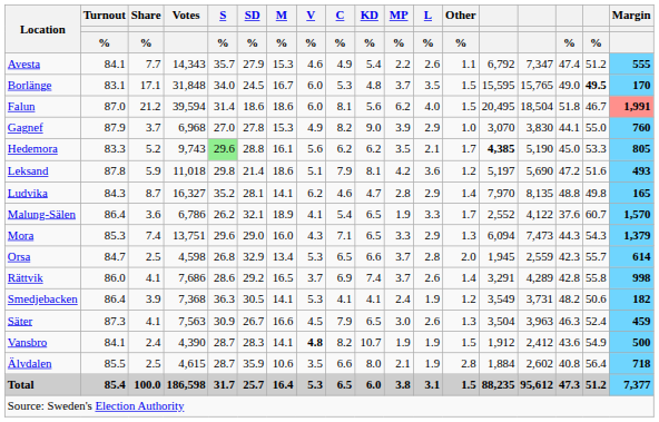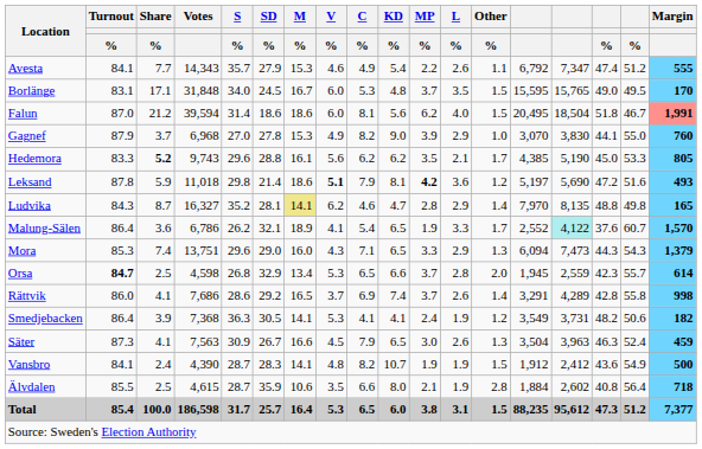 <table class="wikitable sortable" style="text-align:right; font-size:95%; line-height:20px;">
 <tr>
 <th rowspan="3">Location</th>
 <th>Turnout</th>
 <th>Share</th>
 <th>Votes</th>
 <th width="30px" class="unsortable"><a href='#'>S</a></th>
 <th width="30px" class="unsortable"><a href='#'>SD</a></th>
 <th width="30px" class="unsortable"><a href='#'>M</a></th>
 <th width="30px" class="unsortable"><a href='#'>V</a></th>
 <th width="30px" class="unsortable"><a href='#'>C</a></th>
 <th width="30px" class="unsortable"><a href='#'>KD</a></th>
 <th width="30px" class="unsortable"><a href='#'>MP</a></th>
 <th width="30px" class="unsortable"><a href='#'>L</a></th>
 <th width="30px" class="unsortable">Other</th>
 <th></th>
 <th></th>
 <th></th>
 <th></th>
 <th>Margin</th>
 </tr>
 <tr>
 <th></th>
 <th></th>
 <th></th>
 <th style="background:"></th>
 <th style="background:"></th>
 <th style="background:"></th>
 <th style="background:"></th>
 <th style="background:"></th>
 <th style="background:"></th>
 <th style="background:"></th>
 <th style="background:"></th>
 <th style="background:"></th>
 <th style="background:"></th>
 <th style="background:"></th>
 <th style="background:"></th>
 <th style="background:"></th>
 <th></th>
 </tr>
 <tr>
 <th data-sort-type="number">%</th>
 <th data-sort-type="number">%</th>
 <th></th>
 <th data-sort-type="number">%</th>
 <th data-sort-type="number">%</th>
 <th data-sort-type="number">%</th>
 <th data-sort-type="number">%</th>
 <th data-sort-type="number">%</th>
 <th data-sort-type="number">%</th>
 <th data-sort-type="number">%</th>
 <th data-sort-type="number">%</th>
 <th data-sort-type="number">%</th>
 <th data-sort-type="number"></th>
 <th data-sort-type="number"></th>
 <th data-sort-type="number">%</th>
 <th data-sort-type="number">%</th>
 <th data-sort-type="number"></th>
 </tr>
 <tr>
 <td align="left"><a href='#'>Avesta</a></td>
 <td>84.1</td>
 <td>7.7</td>
 <td>14,343</td>
 <td>35.7</td>
 <td>27.9</td>
 <td>15.3</td>
 <td>4.6</td>
 <td>4.9</td>
 <td>5.4</td>
 <td>2.2</td>
 <td>2.6</td>
 <td>1.1</td>
 <td>6,792</td>
 <td>7,347</td>
 <td>47.4</td>
 <td>51.2</td>
 <td bgcolor=#6fd5fe><strong>555</strong></td>
 </tr>
 <tr>
 <td align="left"><a href='#'>Borlänge</a></td>
 <td>83.1</td>
 <td>17.1</td>
 <td>31,848</td>
 <td>34.0</td>
 <td>24.5</td>
 <td>16.7</td>
 <td>6.0</td>
 <td>5.3</td>
 <td>4.8</td>
 <td>3.7</td>
 <td>3.5</td>
 <td>1.5</td>
 <td>15,595</td>
 <td>15,765</td>
 <td>49.0</td>
-<td><strong>49.5</strong></td>
+<td>49.5</td>
 <td bgcolor=#6fd5fe><strong>170</strong></td>
 </tr>
 <tr>
 <td align="left"><a href='#'>Falun</a></td>
 <td>87.0</td>
 <td>21.2</td>
 <td>39,594</td>
 <td>31.4</td>
 <td>18.6</td>
 <td>18.6</td>
 <td>6.0</td>
 <td>8.1</td>
 <td>5.6</td>
 <td>6.2</td>
 <td>4.0</td>
 <td>1.5</td>
 <td>20,495</td>
 <td>18,504</td>
 <td>51.8</td>
 <td>46.7</td>
 <td bgcolor=#ff908c><strong>1,991</strong></td>
 </tr>
 <tr>
 <td align="left"><a href='#'>Gagnef</a></td>
 <td>87.9</td>
 <td>3.7</td>
 <td>6,968</td>
 <td>27.0</td>
 <td>27.8</td>
 <td>15.3</td>
 <td>4.9</td>
 <td>8.2</td>
 <td>9.0</td>
 <td>3.9</td>
 <td>2.9</td>
 <td>1.0</td>
 <td>3,070</td>
 <td>3,830</td>
 <td>44.1</td>
 <td>55.0</td>
 <td bgcolor=#6fd5fe><strong>760</strong></td>
 </tr>
 <tr>
 <td align="left"><a href='#'>Hedemora</a></td>
 <td>83.3</td>
-<td>5.2</td>
+<td><strong>5.2</strong></td>
 <td>9,743</td>
-<td style="background: lightgreen;">29.6</td>
+<td>29.6</td>
 <td>28.8</td>
 <td>16.1</td>
 <td>5.6</td>
 <td>6.2</td>
 <td>6.2</td>
 <td>3.5</td>
 <td>2.1</td>
 <td>1.7</td>
-<td><strong>4,385</strong></td>
+<td>4,385</td>
 <td>5,190</td>
 <td>45.0</td>
 <td>53.3</td>
 <td bgcolor=#6fd5fe><strong>805</strong></td>
 </tr>
 <tr>
 <td align="left"><a href='#'>Leksand</a></td>
 <td>87.8</td>
 <td>5.9</td>
 <td>11,018</td>
 <td>29.8</td>
 <td>21.4</td>
 <td>18.6</td>
-<td>5.1</td>
+<td><strong>5.1</strong></td>
 <td>7.9</td>
 <td>8.1</td>
-<td>4.2</td>
+<td><strong>4.2</strong></td>
 <td>3.6</td>
 <td>1.2</td>
 <td>5,197</td>
 <td>5,690</td>
 <td>47.2</td>
 <td>51.6</td>
 <td bgcolor=#6fd5fe><strong>493</strong></td>
 </tr>
 <tr>
 <td align="left"><a href='#'>Ludvika</a></td>
 <td>84.3</td>
 <td>8.7</td>
 <td>16,327</td>
 <td>35.2</td>
 <td>28.1</td>
-<td>14.1</td>
+<td style="background: khaki;">14.1</td>
 <td>6.2</td>
 <td>4.6</td>
 <td>4.7</td>
 <td>2.8</td>
 <td>2.9</td>
 <td>1.4</td>
 <td>7,970</td>
 <td>8,135</td>
 <td>48.8</td>
 <td>49.8</td>
 <td bgcolor=#6fd5fe><strong>165</strong></td>
 </tr>
 <tr>
 <td align="left"><a href='#'>Malung-Sälen</a></td>
 <td>86.4</td>
 <td>3.6</td>
 <td>6,786</td>
 <td>26.2</td>
 <td>32.1</td>
 <td>18.9</td>
 <td>4.1</td>
 <td>5.4</td>
 <td>6.5</td>
 <td>1.9</td>
 <td>3.3</td>
 <td>1.7</td>
 <td>2,552</td>
-<td>4,122</td>
+<td style="background: paleturquoise;">4,122</td>
 <td>37.6</td>
 <td>60.7</td>
 <td bgcolor=#6fd5fe><strong>1,570</strong></td>
 </tr>
 <tr>
 <td align="left"><a href='#'>Mora</a></td>
 <td>85.3</td>
 <td>7.4</td>
 <td>13,751</td>
 <td>29.6</td>
 <td>29.0</td>
 <td>16.0</td>
 <td>4.3</td>
 <td>7.1</td>
 <td>6.5</td>
 <td>3.3</td>
 <td>2.9</td>
 <td>1.3</td>
 <td>6,094</td>
 <td>7,473</td>
 <td>44.3</td>
 <td>54.3</td>
 <td bgcolor=#6fd5fe><strong>1,379</strong></td>
 </tr>
 <tr>
 <td align="left"><a href='#'>Orsa</a></td>
-<td>84.7</td>
+<td><strong>84.7</strong></td>
 <td>2.5</td>
 <td>4,598</td>
 <td>26.8</td>
 <td>32.9</td>
 <td>13.4</td>
 <td>5.3</td>
 <td>6.5</td>
 <td>6.6</td>
 <td>3.7</td>
 <td>2.8</td>
 <td>2.0</td>
 <td>1,945</td>
 <td>2,559</td>
 <td>42.3</td>
 <td>55.7</td>
 <td bgcolor=#6fd5fe><strong>614</strong></td>
 </tr>
 <tr>
 <td align="left"><a href='#'>Rättvik</a></td>
 <td>86.0</td>
 <td>4.1</td>
 <td>7,686</td>
 <td>28.6</td>
 <td>29.2</td>
 <td>16.5</td>
 <td>3.7</td>
 <td>6.9</td>
 <td>7.4</td>
 <td>3.7</td>
 <td>2.6</td>
 <td>1.4</td>
 <td>3,291</td>
 <td>4,289</td>
 <td>42.8</td>
 <td>55.8</td>
 <td bgcolor=#6fd5fe><strong>998</strong></td>
 </tr>
 <tr>
 <td align="left"><a href='#'>Smedjebacken</a></td>
 <td>86.4</td>
 <td>3.9</td>
 <td>7,368</td>
 <td>36.3</td>
 <td>30.5</td>
 <td>14.1</td>
 <td>5.3</td>
 <td>4.1</td>
 <td>4.1</td>
 <td>2.4</td>
 <td>1.9</td>
 <td>1.2</td>
 <td>3,549</td>
 <td>3,731</td>
 <td>48.2</td>
 <td>50.6</td>
 <td bgcolor=#6fd5fe><strong>182</strong></td>
 </tr>
 <tr>
 <td align="left"><a href='#'>Säter</a></td>
 <td>87.3</td>
 <td>4.1</td>
 <td>7,563</td>
 <td>30.9</td>
 <td>26.7</td>
 <td>16.6</td>
 <td>4.5</td>
 <td>7.9</td>
 <td>6.5</td>
 <td>3.0</td>
 <td>2.6</td>
 <td>1.3</td>
 <td>3,504</td>
 <td>3,963</td>
 <td>46.3</td>
 <td>52.4</td>
 <td bgcolor=#6fd5fe><strong>459</strong></td>
 </tr>
 <tr>
 <td align="left"><a href='#'>Vansbro</a></td>
 <td>84.1</td>
 <td>2.4</td>
 <td>4,390</td>
 <td>28.7</td>
 <td>28.3</td>
 <td>14.1</td>
-<td><strong>4.8</strong></td>
+<td>4.8</td>
 <td>8.2</td>
 <td>10.7</td>
 <td>1.9</td>
 <td>1.9</td>
 <td>1.5</td>
 <td>1,912</td>
 <td>2,412</td>
 <td>43.6</td>
 <td>54.9</td>
 <td bgcolor=#6fd5fe><strong>500</strong></td>
 </tr>
 <tr>
 <td align="left"><a href='#'>Älvdalen</a></td>
 <td>85.5</td>
 <td>2.5</td>
 <td>4,615</td>
 <td>28.7</td>
 <td>35.9</td>
 <td>10.6</td>
 <td>3.5</td>
 <td>6.6</td>
 <td>8.0</td>
 <td>2.1</td>
 <td>1.9</td>
 <td>2.8</td>
 <td>1,884</td>
 <td>2,602</td>
 <td>40.8</td>
 <td>56.4</td>
 <td bgcolor=#6fd5fe><strong>718</strong></td>
 </tr>
 <tr style="background:#CDCDCD;">
 <td align="left"><strong>Total</strong></td>
 <td><strong>85.4</strong></td>
 <td><strong>100.0</strong></td>
 <td><strong>186,598</strong></td>
 <td><strong>31.7</strong></td>
 <td><strong>25.7</strong></td>
 <td><strong>16.4</strong></td>
 <td><strong>5.3</strong></td>
 <td><strong>6.5</strong></td>
 <td><strong>6.0</strong></td>
 <td><strong>3.8</strong></td>
 <td><strong>3.1</strong></td>
 <td><strong>1.5</strong></td>
 <td><strong>88,235</strong></td>
 <td><strong>95,612</strong></td>
 <td><strong>47.3</strong></td>
 <td><strong>51.2</strong></td>
 <td bgcolor=#6fd5fe><strong>7,377</strong></td>
 </tr>
 <tr>
 <td colspan="18" align="left">Source: Sweden's <a href='#'>Election Authority</a></td>
 </tr>
 </table>
